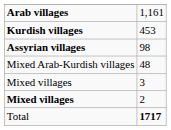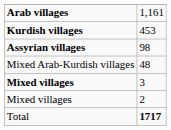 <table class="wikitable">
 <tr>
 </tr>
 <tr>
 <td><strong>Arab villages</strong></td>
 <td>1,161</td>
 </tr>
 <tr>
 <td><strong>Kurdish villages</strong></td>
 <td>453</td>
 </tr>
 <tr>
 <td><strong>Assyrian villages</strong></td>
 <td>98</td>
 </tr>
 <tr>
 <td>Mixed Arab-Kurdish villages</td>
 <td>48</td>
 </tr>
 <tr>
-<td>Mixed villages</td>
+<td><strong>Mixed villages</strong></td>
 <td>3</td>
 </tr>
 <tr>
-<td><strong>Mixed villages</strong></td>
+<td>Mixed villages</td>
 <td>2</td>
 </tr>
 <tr>
 <td>Total</td>
 <td><strong>1717</strong></td>
 </tr>
 </table>
